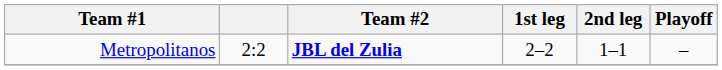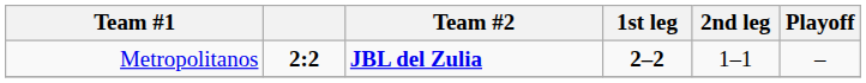 <table class="wikitable" style="text-align: center;">
 <tr>
 <th width="175">Team #1</th>
 <th width="50"></th>
 <th width="175">Team #2</th>
 <th width="55">1st leg</th>
 <th width="55">2nd leg</th>
 <th width="50">Playoff</th>
 </tr>
 <tr>
 <td align=right><a href='#'>Metropolitanos</a></td>
-<td>2:2</td>
+<td><strong>2:2</strong></td>
 <td align=left><strong><a href='#'>JBL del Zulia</a></strong></td>
-<td>2–2</td>
+<td><strong>2–2</strong></td>
 <td>1–1</td>
 <td>–</td>
 </tr>
 <tr>
 </tr>
 </table>
